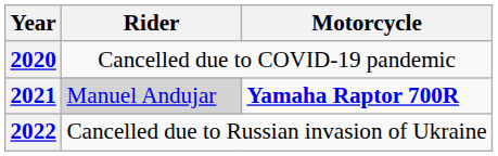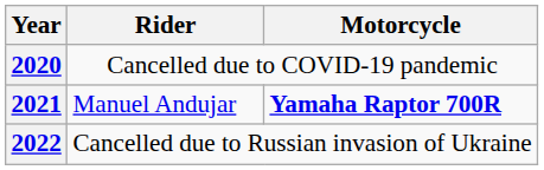 <table class="wikitable">
 <tr>
 <th>Year</th>
 <th>Rider</th>
 <th>Motorcycle</th>
 </tr>
 <tr>
 <th><a href='#'>2020</a></th>
 <td colspan=2 align=center>Cancelled due to COVID-19 pandemic</td>
 </tr>
 <tr>
 <th><a href='#'>2021</a></th>
-<td style="background: lightgrey;"> <a href='#'>Manuel Andujar</a></td>
+<td> <a href='#'>Manuel Andujar</a></td>
 <td><strong><a href='#'>Yamaha Raptor 700R</a></strong></td>
 </tr>
 <tr>
 <th><a href='#'>2022</a></th>
 <td colspan=3 align=center>Cancelled due to Russian invasion of Ukraine</td>
 </tr>
 </table>
